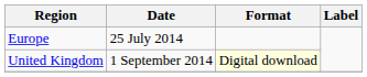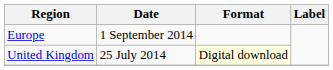 <table class=wikitable>
 <tr>
 <th>Region</th>
 <th>Date</th>
 <th>Format</th>
 <th>Label</th>
 </tr>
 <tr>
 <td><a href='#'>Europe</a></td>
-<td>25 July 2014</td>
+<td>1 September 2014</td>
 <td></td>
 <td rowspan="2"></td>
 </tr>
 <tr>
 <td><a href='#'>United Kingdom</a></td>
-<td>1 September 2014</td>
+<td>25 July 2014</td>
 <td style="background: lightyellow;">Digital download</td>
 </tr>
 <tr>
 </tr>
 </table>
